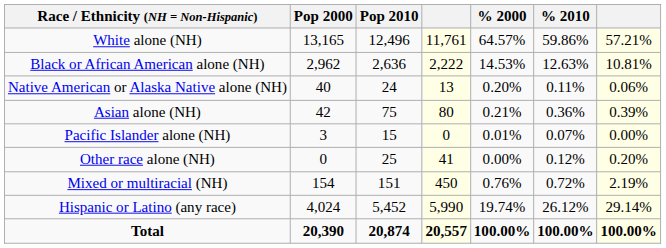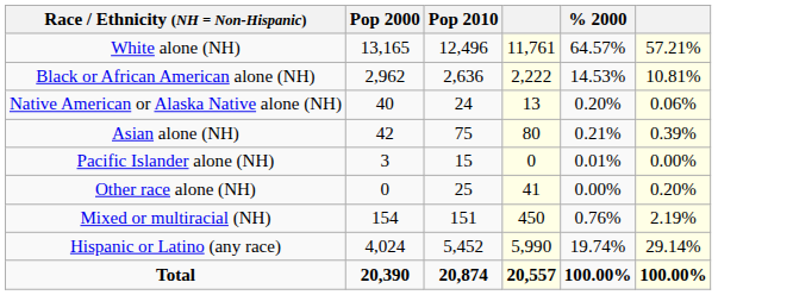 <table class="wikitable" style="text-align:center;">
 <tr>
 <th>Race / Ethnicity <small>(<em>NH = Non-Hispanic</em>)</small></th>
 <th>Pop 2000</th>
 <th>Pop 2010</th>
 <th></th>
 <th>% 2000</th>
-<th>% 2010</th>
 <th></th>
 </tr>
 <tr>
 <td><a href='#'>White</a> alone (NH)</td>
 <td>13,165</td>
 <td>12,496</td>
 <td style='background: #ffffe6;'>11,761</td>
 <td>64.57%</td>
-<td>59.86%</td>
 <td style='background: #ffffe6;'>57.21%</td>
 </tr>
 <tr>
 <td><a href='#'>Black or African American</a> alone (NH)</td>
 <td>2,962</td>
 <td>2,636</td>
 <td style='background: #ffffe6;'>2,222</td>
 <td>14.53%</td>
-<td>12.63%</td>
 <td style='background: #ffffe6;'>10.81%</td>
 </tr>
 <tr>
 <td><a href='#'>Native American</a> or <a href='#'>Alaska Native</a> alone (NH)</td>
 <td>40</td>
 <td>24</td>
 <td style='background: #ffffe6;'>13</td>
 <td>0.20%</td>
-<td>0.11%</td>
 <td style='background: #ffffe6;'>0.06%</td>
 </tr>
 <tr>
 <td><a href='#'>Asian</a> alone (NH)</td>
 <td>42</td>
 <td>75</td>
 <td style='background: #ffffe6;'>80</td>
 <td>0.21%</td>
-<td>0.36%</td>
 <td style='background: #ffffe6;'>0.39%</td>
 </tr>
 <tr>
 <td><a href='#'>Pacific Islander</a> alone (NH)</td>
 <td>3</td>
 <td>15</td>
 <td style='background: #ffffe6;'>0</td>
 <td>0.01%</td>
-<td>0.07%</td>
 <td style='background: #ffffe6;'>0.00%</td>
 </tr>
 <tr>
 <td><a href='#'>Other race</a> alone (NH)</td>
 <td>0</td>
 <td>25</td>
 <td style='background: #ffffe6;'>41</td>
 <td>0.00%</td>
-<td>0.12%</td>
 <td style='background: #ffffe6;'>0.20%</td>
 </tr>
 <tr>
 <td><a href='#'>Mixed or multiracial</a> (NH)</td>
 <td>154</td>
 <td>151</td>
 <td style='background: #ffffe6;'>450</td>
 <td>0.76%</td>
-<td>0.72%</td>
 <td style='background: #ffffe6;'>2.19%</td>
 </tr>
 <tr>
 <td><a href='#'>Hispanic or Latino</a> (any race)</td>
 <td>4,024</td>
 <td>5,452</td>
 <td style='background: #ffffe6;'>5,990</td>
 <td>19.74%</td>
-<td>26.12%</td>
 <td style='background: #ffffe6;'>29.14%</td>
 </tr>
 <tr>
 <td><strong>Total</strong></td>
 <td><strong>20,390</strong></td>
 <td><strong>20,874</strong></td>
 <td style='background: #ffffe6;'><strong>20,557</strong></td>
 <td><strong>100.00%</strong></td>
-<td><strong>100.00%</strong></td>
 <td style='background: #ffffe6;'><strong>100.00%</strong></td>
 </tr>
 </table>
